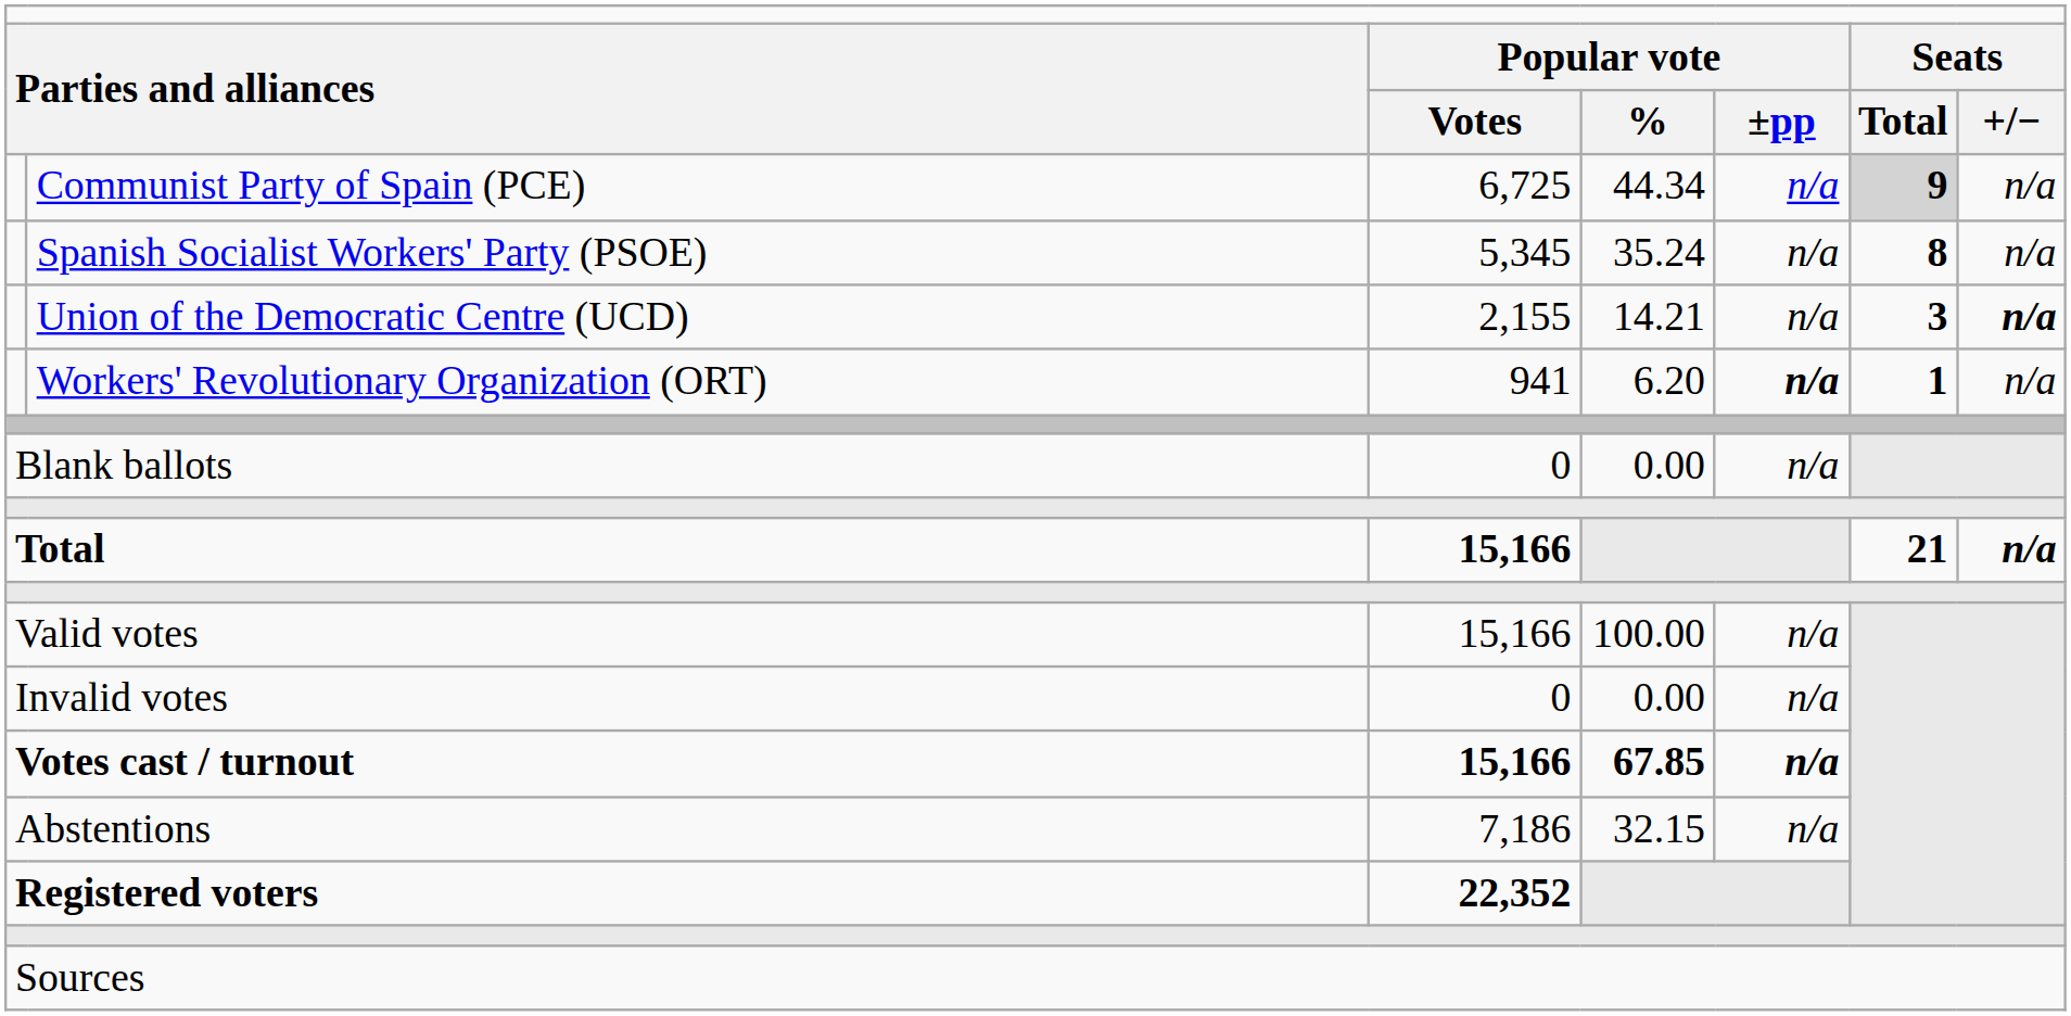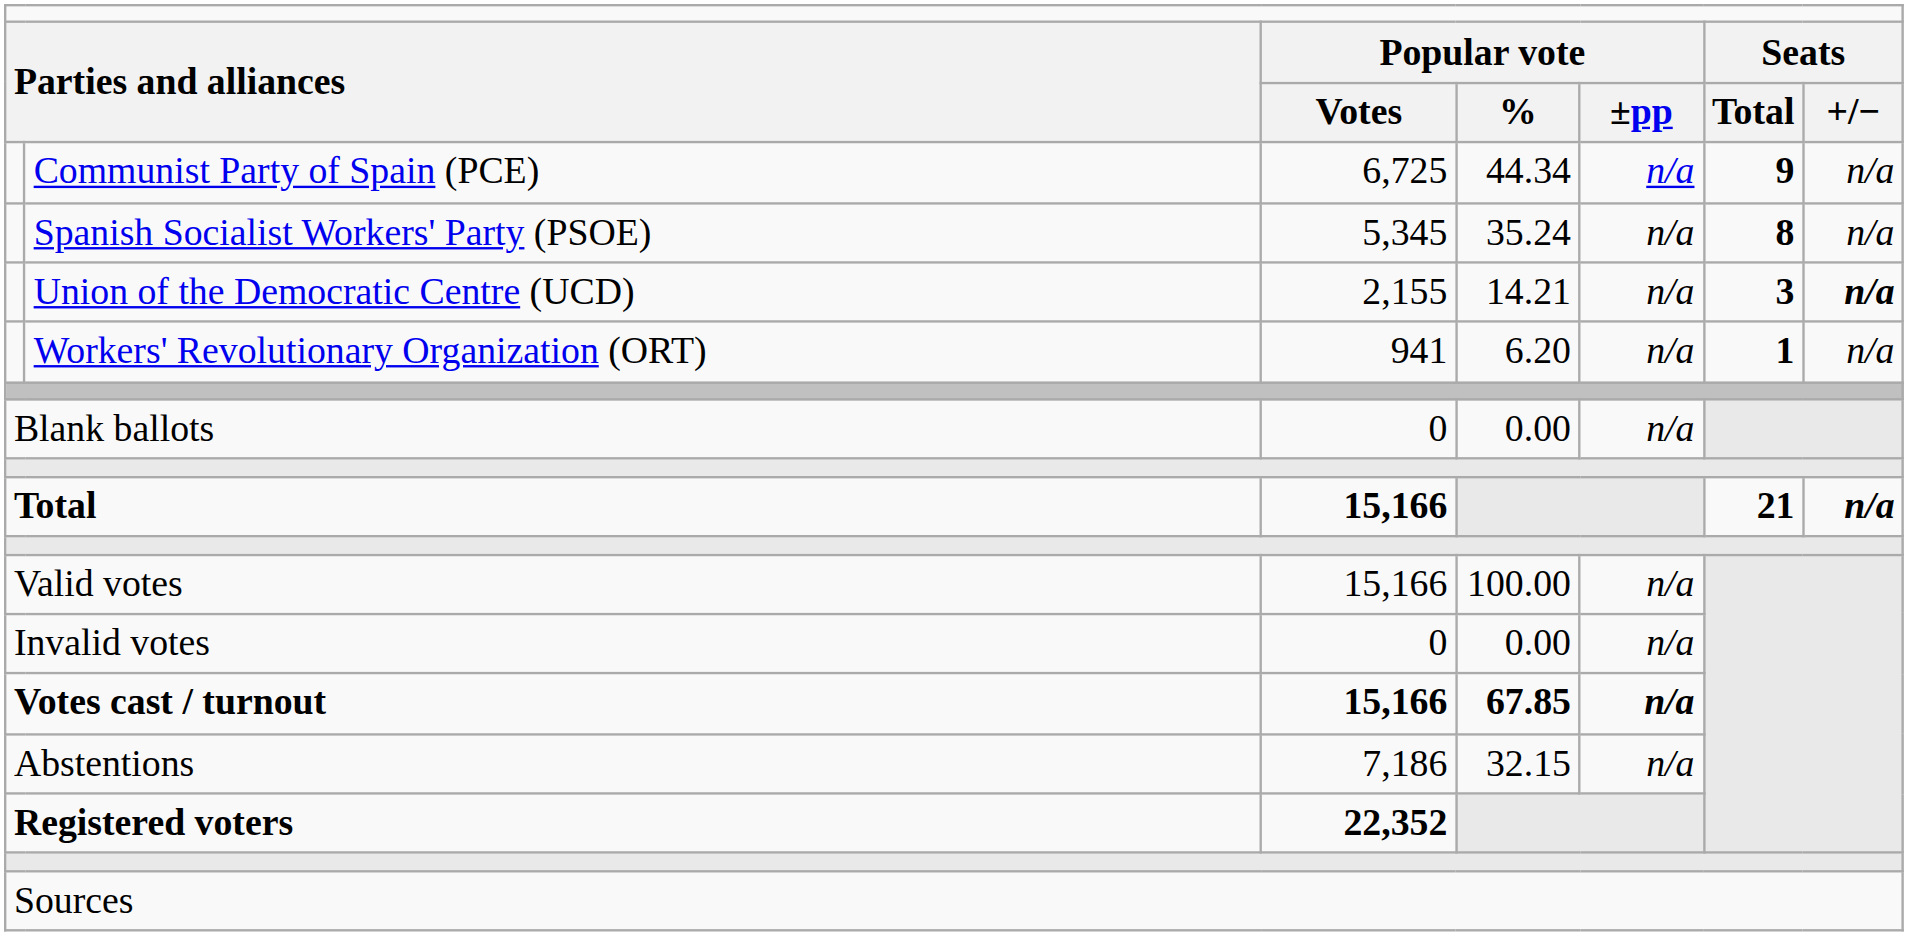 <table class="wikitable" style="text-align:right;">
 <tr>
 <td colspan="7"></td>
 </tr>
 <tr>
 <th style="text-align:left;" rowspan="2" colspan="2" width="525">Parties and alliances</th>
 <th colspan="3">Popular vote</th>
 <th colspan="2">Seats</th>
 </tr>
 <tr>
 <th width="75">Votes</th>
 <th width="45">%</th>
 <th width="45">±<a href='#'>pp</a></th>
 <th width="35">Total</th>
 <th width="35">+/−</th>
 </tr>
 <tr>
 <td width="1" style="color:inherit;background:"></td>
 <td align="left"><a href='#'>Communist Party of Spain</a> (PCE)</td>
 <td>6,725</td>
 <td>44.34</td>
 <td><em><a href='#'>n/a</a></em></td>
-<td style="background: lightgrey;"><strong>9</strong></td>
+<td><strong>9</strong></td>
 <td><em>n/a</em></td>
 </tr>
 <tr>
 <td style="color:inherit;background:"></td>
 <td align="left"><a href='#'>Spanish Socialist Workers' Party</a> (PSOE)</td>
 <td>5,345</td>
 <td>35.24</td>
 <td><em>n/a</em></td>
 <td><strong>8</strong></td>
 <td><em>n/a</em></td>
 </tr>
 <tr>
 <td style="color:inherit;background:"></td>
 <td align="left"><a href='#'>Union of the Democratic Centre</a> (UCD)</td>
 <td>2,155</td>
 <td>14.21</td>
 <td><em>n/a</em></td>
 <td><strong>3</strong></td>
 <td><strong><em>n/a</em></strong></td>
 </tr>
 <tr>
 <td style="color:inherit;background:"></td>
 <td align="left"><a href='#'>Workers' Revolutionary Organization</a> (ORT)</td>
 <td>941</td>
 <td>6.20</td>
-<td><strong><em>n/a</em></strong></td>
+<td><em>n/a</em></td>
 <td><strong>1</strong></td>
 <td><em>n/a</em></td>
 </tr>
 <tr>
 <td colspan="7" bgcolor="#C0C0C0"></td>
 </tr>
 <tr>
 <td align="left" colspan="2">Blank ballots</td>
 <td>0</td>
 <td>0.00</td>
 <td><em>n/a</em></td>
 <td bgcolor="#E9E9E9" colspan="2"></td>
 </tr>
 <tr>
 <td colspan="7" bgcolor="#E9E9E9"></td>
 </tr>
 <tr style="font-weight:bold;">
 <td align="left" colspan="2">Total</td>
 <td>15,166</td>
 <td bgcolor="#E9E9E9" colspan="2"></td>
 <td>21</td>
 <td><em>n/a</em></td>
 </tr>
 <tr>
 <td colspan="7" bgcolor="#E9E9E9"></td>
 </tr>
 <tr>
 <td align="left" colspan="2">Valid votes</td>
 <td>15,166</td>
 <td>100.00</td>
 <td><em>n/a</em></td>
 <td bgcolor="#E9E9E9" colspan="2" rowspan="5"></td>
 </tr>
 <tr>
 <td align="left" colspan="2">Invalid votes</td>
 <td>0</td>
 <td>0.00</td>
 <td><em>n/a</em></td>
 </tr>
 <tr style="font-weight:bold;">
 <td align="left" colspan="2">Votes cast / turnout</td>
 <td>15,166</td>
 <td>67.85</td>
 <td><em>n/a</em></td>
 </tr>
 <tr>
 <td align="left" colspan="2">Abstentions</td>
 <td>7,186</td>
 <td>32.15</td>
 <td><em>n/a</em></td>
 </tr>
 <tr style="font-weight:bold;">
 <td align="left" colspan="2">Registered voters</td>
 <td>22,352</td>
 <td bgcolor="#E9E9E9" colspan="2"></td>
 </tr>
 <tr>
 <td colspan="7" bgcolor="#E9E9E9"></td>
 </tr>
 <tr>
 <td align="left" colspan="7">Sources</td>
 </tr>
 </table>
